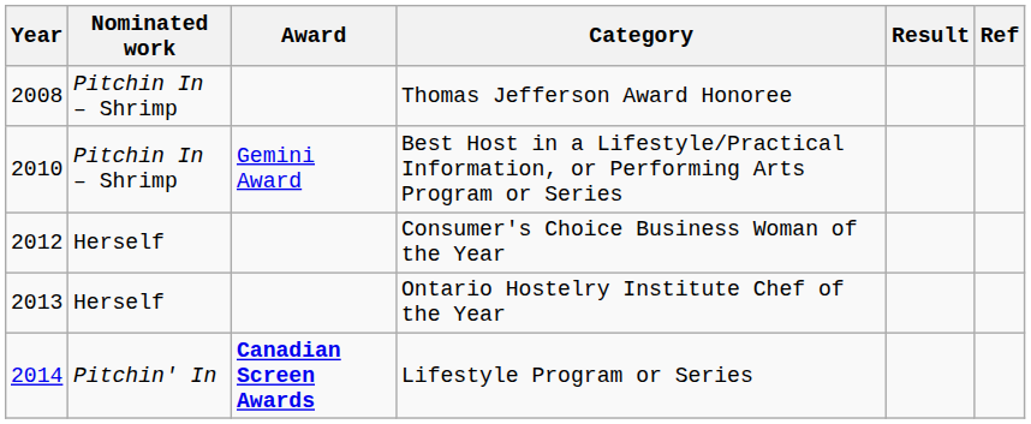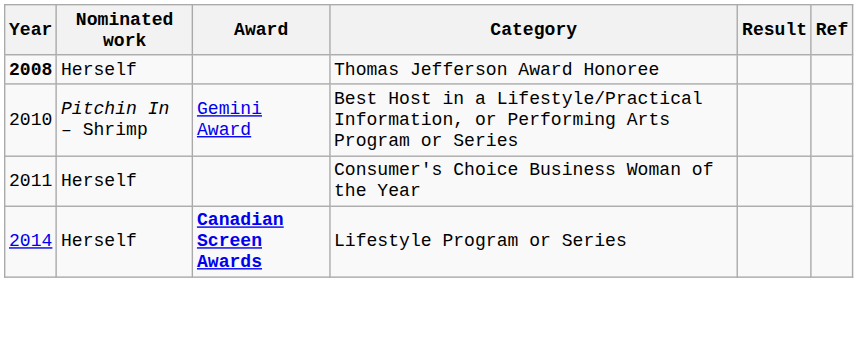 <table class="wikitable">
 <tr>
 <th style="text-align:center;">Year</th>
 <th style="text-align:center;">Nominated work</th>
 <th style="text-align:center;">Award</th>
 <th style="text-align:center;">Category</th>
 <th style="text-align:center;">Result</th>
 <th style="text=align:center;">Ref</th>
 </tr>
 <tr>
-<td>2008</td>
-<td><em>Pitchin In</em> – Shrimp</td>
+<td><strong>2008</strong></td>
+<td>Herself</td>
 <td></td>
 <td>Thomas Jefferson Award Honoree</td>
 <td></td>
 <td></td>
 </tr>
 <tr>
 <td>2010</td>
 <td><em>Pitchin In</em> – Shrimp</td>
 <td><a href='#'>Gemini Award</a></td>
 <td>Best Host in a Lifestyle/Practical Information, or Performing Arts Program or Series</td>
 <td></td>
 <td></td>
 </tr>
 <tr>
-<td>2012</td>
+<td>2011</td>
 <td>Herself</td>
 <td></td>
 <td>Consumer's Choice Business Woman of the Year</td>
 <td></td>
 <td></td>
 </tr>
 <tr>
-<td>2013</td>
+<td><a href='#'>2014</a></td>
 <td>Herself</td>
-<td></td>
-<td>Ontario Hostelry Institute Chef of the Year</td>
-<td></td>
-<td></td>
-</tr>
-<tr>
-<td><a href='#'>2014</a></td>
-<td><em>Pitchin' In</em></td>
 <td><strong><a href='#'>Canadian Screen Awards</a></strong></td>
 <td>Lifestyle Program or Series</td>
 <td></td>
 <td></td>
 </tr>
 </table>
